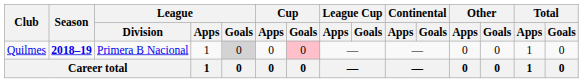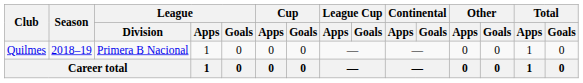 <table class="wikitable" style="text-align:center">
 <tr>
 <th rowspan="2">Club</th>
 <th rowspan="2">Season</th>
 <th colspan="3">League</th>
 <th colspan="2">Cup</th>
 <th colspan="2">League Cup</th>
 <th colspan="2">Continental</th>
 <th colspan="2">Other</th>
 <th colspan="2">Total</th>
 </tr>
 <tr>
 <th>Division</th>
 <th>Apps</th>
 <th>Goals</th>
 <th>Apps</th>
 <th>Goals</th>
 <th>Apps</th>
 <th>Goals</th>
 <th>Apps</th>
 <th>Goals</th>
 <th>Apps</th>
 <th>Goals</th>
 <th>Apps</th>
 <th>Goals</th>
 </tr>
 <tr>
 <td rowspan="1"><a href='#'>Quilmes</a></td>
-<td><strong><a href='#'>2018–19</a></strong></td>
+<td><a href='#'>2018–19</a></td>
 <td rowspan="1"><a href='#'>Primera B Nacional</a></td>
 <td>1</td>
-<td style="background: lightgrey;">0</td>
 <td>0</td>
-<td style="background: pink;">0</td>
+<td>0</td>
+<td>0</td>
 <td colspan="2">—</td>
 <td colspan="2">—</td>
 <td>0</td>
 <td>0</td>
 <td>1</td>
 <td>0</td>
 </tr>
 <tr>
 <th colspan="3">Career total</th>
 <th>1</th>
 <th>0</th>
 <th>0</th>
 <th>0</th>
 <th colspan="2">—</th>
 <th colspan="2">—</th>
 <th>0</th>
 <th>0</th>
 <th>1</th>
 <th>0</th>
 </tr>
 </table>
